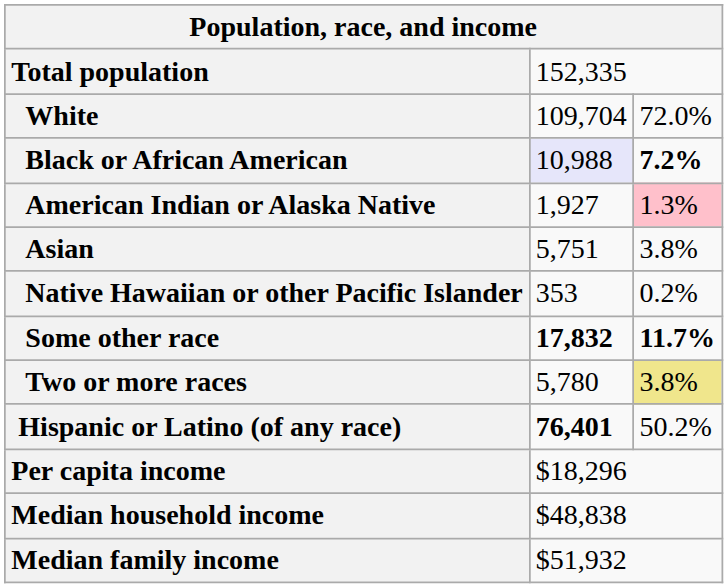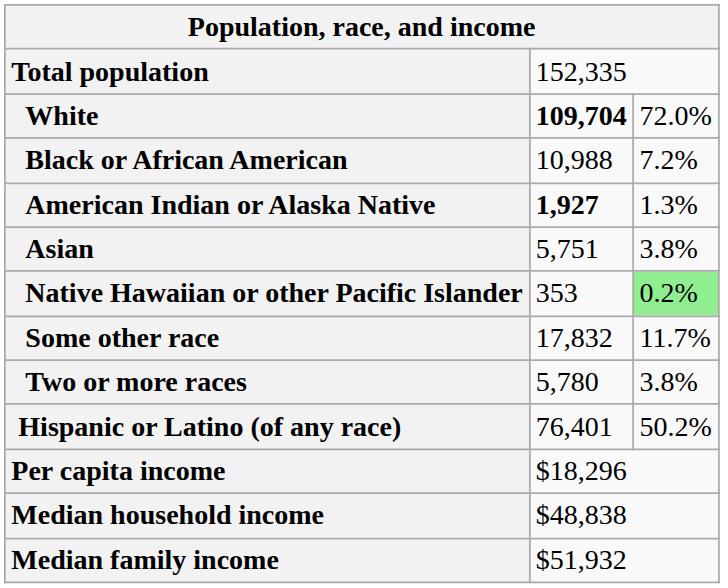 <table class="wikitable collapsible collapsed">
 <tr>
 <th colspan="6">Population, race, and income</th>
 </tr>
 <tr>
 <th scope="row" style="text-align: left;">Total population</th>
 <td colspan="2">152,335</td>
 </tr>
 <tr>
 <th scope="row" style="text-align: left;">  White</th>
-<td>109,704</td>
+<td><strong>109,704</strong></td>
 <td>72.0%</td>
 </tr>
 <tr>
 <th scope="row" style="text-align: left;">  Black or African American</th>
-<td style="background: lavender;">10,988</td>
-<td><strong>7.2%</strong></td>
+<td>10,988</td>
+<td>7.2%</td>
 </tr>
 <tr>
 <th scope="row" style="text-align: left;">  American Indian or Alaska Native</th>
-<td>1,927</td>
-<td style="background: pink;">1.3%</td>
+<td><strong>1,927</strong></td>
+<td>1.3%</td>
 </tr>
 <tr>
 <th scope="row" style="text-align: left;">  Asian</th>
 <td>5,751</td>
 <td>3.8%</td>
 </tr>
 <tr>
 <th scope="row" style="text-align: left;">  Native Hawaiian or other Pacific Islander</th>
 <td>353</td>
-<td>0.2%</td>
+<td style="background: lightgreen;">0.2%</td>
 </tr>
 <tr>
 <th scope="row" style="text-align: left;">  Some other race</th>
-<td><strong>17,832</strong></td>
-<td><strong>11.7%</strong></td>
+<td>17,832</td>
+<td>11.7%</td>
 </tr>
 <tr>
 <th scope="row" style="text-align: left;">  Two or more races</th>
 <td>5,780</td>
-<td style="background: khaki;">3.8%</td>
+<td>3.8%</td>
 </tr>
 <tr>
 <th scope="row" style="text-align: left;"> Hispanic or Latino (of any race)</th>
-<td><strong>76,401</strong></td>
+<td>76,401</td>
 <td>50.2%</td>
 </tr>
 <tr>
 <th scope="row" style="text-align: left;">Per capita income</th>
 <td colspan="2">$18,296</td>
 </tr>
 <tr>
 <th scope="row" style="text-align: left;">Median household income</th>
 <td colspan="2">$48,838</td>
 </tr>
 <tr>
 <th scope="row" style="text-align: left;">Median family income</th>
 <td colspan="2">$51,932</td>
 </tr>
 </table>
